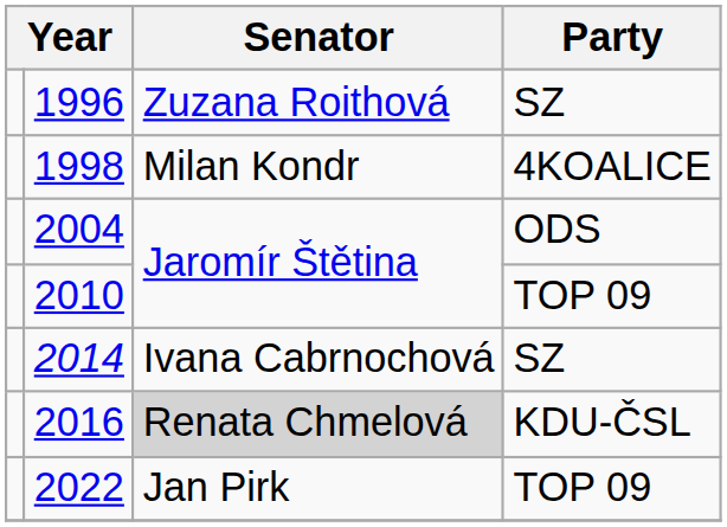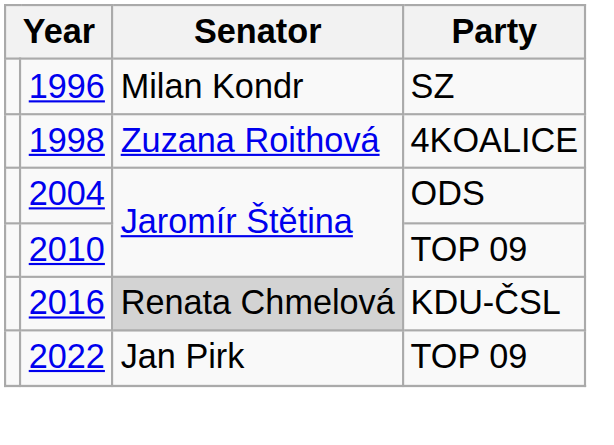 <table class="wikitable">
 <tr>
 <th colspan="2">Year</th>
 <th>Senator</th>
 <th>Party</th>
 </tr>
 <tr>
 <td style="background-color:"></td>
 <td><a href='#'>1996</a></td>
-<td><a href='#'>Zuzana Roithová</a></td>
+<td>Milan Kondr</td>
 <td>SZ</td>
 </tr>
 <tr>
 <td style="background-color:"></td>
 <td><a href='#'>1998</a></td>
-<td>Milan Kondr</td>
+<td><a href='#'>Zuzana Roithová</a></td>
 <td>4KOALICE</td>
 </tr>
 <tr>
 <td style="background-color:"></td>
 <td><a href='#'>2004</a></td>
 <td rowspan="2"><a href='#'>Jaromír Štětina</a></td>
 <td>ODS</td>
 </tr>
 <tr>
 <td style="background-color:"></td>
 <td><a href='#'>2010</a></td>
 <td>TOP 09</td>
-</tr>
-<tr>
-<td style="background-color:"></td>
-<td><a href='#'><em>2014</em></a></td>
-<td>Ivana Cabrnochová</td>
-<td>SZ</td>
 </tr>
 <tr>
 <td style="background-color:"></td>
 <td><a href='#'>2016</a></td>
 <td style="background: lightgrey;">Renata Chmelová</td>
 <td>KDU-ČSL</td>
 </tr>
 <tr>
 <td style="background-color:"></td>
 <td><a href='#'>2022</a></td>
 <td>Jan Pirk</td>
 <td>TOP 09</td>
 </tr>
 <tr>
 </tr>
 </table>
